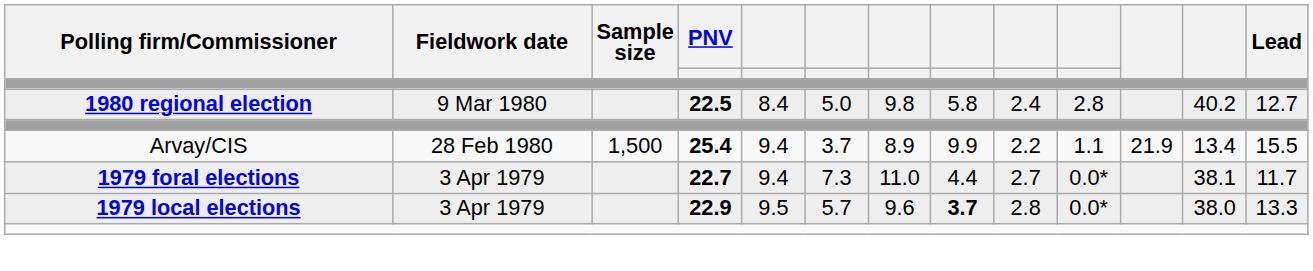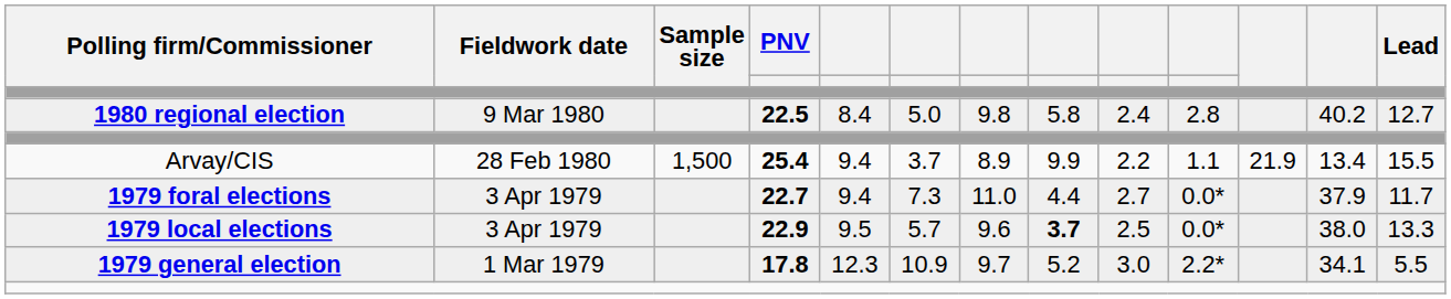 <table class="wikitable collapsible collapsed" style="text-align:center; font-size:90%; line-height:14px;">
 <tr style="height:42px;">
 <th style="width:250px;" rowspan="2">Polling firm/Commissioner</th>
 <th style="width:125px;" rowspan="2">Fieldwork date</th>
 <th style="width:50px;" rowspan="2">Sample size</th>
 <th style="width:35px;"><a href='#'>PNV</a></th>
 <th style="width:35px;"></th>
 <th style="width:35px;"></th>
 <th style="width:35px;"></th>
 <th style="width:35px;"></th>
 <th style="width:35px;"></th>
 <th style="width:35px;"></th>
 <th style="width:35px;" rowspan="2"></th>
 <th style="width:35px;" rowspan="2"></th>
 <th style="width:30px;" rowspan="2">Lead</th>
 </tr>
 <tr>
 <th style="color:inherit;background:"></th>
 <th style="color:inherit;background:"></th>
 <th style="color:inherit;background:"></th>
 <th style="color:inherit;background:"></th>
 <th style="color:inherit;background:"></th>
 <th style="color:inherit;background:"></th>
 <th style="color:inherit;background:"></th>
 </tr>
 <tr>
 <td colspan="13" style="background:#A0A0A0"></td>
 </tr>
 <tr style="background:#EFEFEF;">
 <td><strong><a href='#'>1980 regional election</a></strong></td>
 <td>9 Mar 1980</td>
 <td></td>
 <td><strong>22.5</strong></td>
 <td>8.4</td>
 <td>5.0</td>
 <td>9.8</td>
 <td>5.8</td>
 <td>2.4</td>
 <td>2.8</td>
 <td></td>
 <td>40.2</td>
 <td style="background:">12.7</td>
 </tr>
 <tr>
 <td colspan="13" style="background:#A0A0A0"></td>
 </tr>
 <tr>
 <td>Arvay/CIS</td>
 <td>28 Feb 1980</td>
 <td>1,500</td>
 <td><strong>25.4</strong></td>
 <td>9.4</td>
 <td>3.7</td>
 <td>8.9</td>
 <td>9.9</td>
 <td>2.2</td>
 <td>1.1</td>
 <td>21.9</td>
 <td>13.4</td>
 <td style="background:">15.5</td>
 </tr>
 <tr style="background:#EFEFEF;">
 <td><strong><a href='#'>1979 foral elections</a></strong></td>
 <td>3 Apr 1979</td>
 <td></td>
 <td><strong>22.7</strong></td>
 <td>9.4</td>
 <td>7.3</td>
 <td>11.0</td>
 <td>4.4</td>
 <td>2.7</td>
 <td>0.0*</td>
 <td></td>
-<td>38.1</td>
+<td>37.9</td>
 <td style="background:">11.7</td>
 </tr>
 <tr style="background:#EFEFEF;">
 <td><strong><a href='#'>1979 local elections</a></strong></td>
 <td>3 Apr 1979</td>
 <td></td>
 <td><strong>22.9</strong></td>
 <td>9.5</td>
 <td>5.7</td>
 <td>9.6</td>
 <td><strong>3.7</strong></td>
-<td>2.8</td>
+<td>2.5</td>
 <td>0.0*</td>
 <td></td>
 <td>38.0</td>
 <td style="background:">13.3</td>
 </tr>
+<tr style="background:#EFEFEF;">
+<td><strong><a href='#'>1979 general election</a></strong></td>
+<td>1 Mar 1979</td>
+<td></td>
+<td><strong>17.8</strong></td>
+<td>12.3</td>
+<td>10.9</td>
+<td>9.7</td>
+<td>5.2</td>
+<td>3.0</td>
+<td>2.2*</td>
+<td></td>
+<td>34.1</td>
+<td style="background:">5.5</td>
+</tr>
 <tr>
 <td align="left" colspan="13"></td>
 </tr>
 </table>
